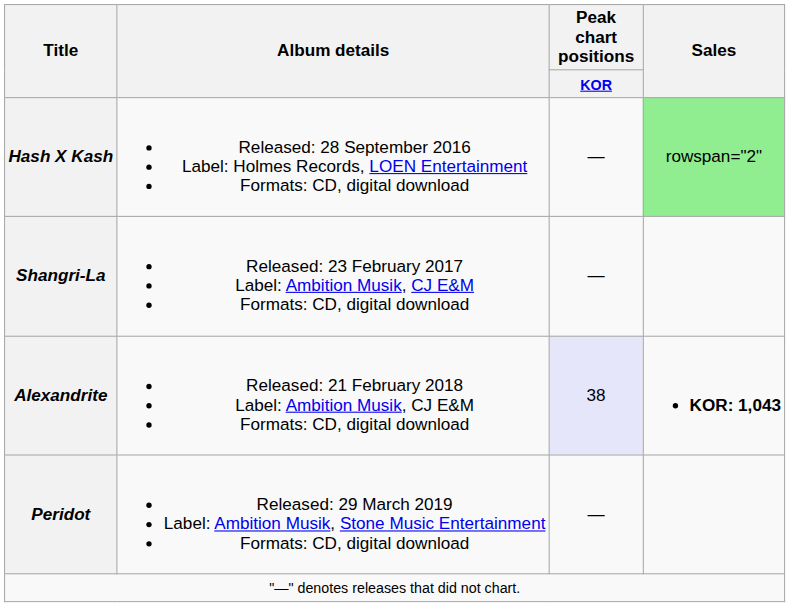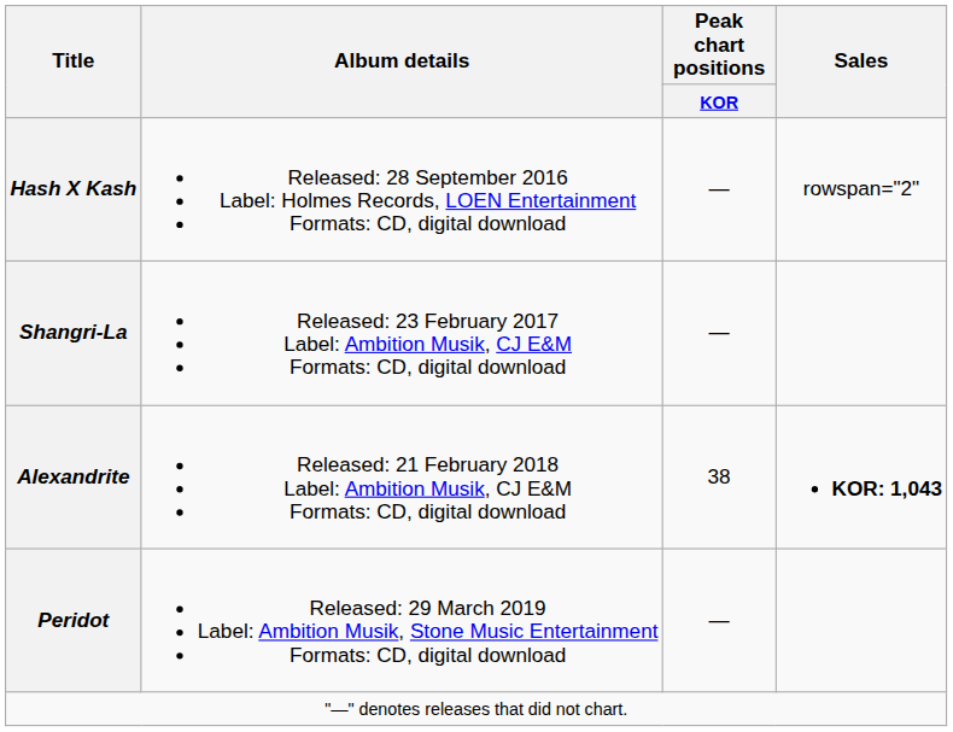 <table class="wikitable plainrowheaders" style="text-align:center;">
 <tr>
 <th scope="col" rowspan="2">Title</th>
 <th scope="col" rowspan="2">Album details</th>
 <th scope="col" colspan="1" style="width:5em;">Peak chart positions</th>
 <th scope="col" rowspan="2">Sales</th>
 </tr>
 <tr>
 <th><small><a href='#'>KOR</a></small><br></th>
 </tr>
 <tr>
 <th scope="row"><em>Hash X Kash</em></th>
 <td><br><ul><li>Released: 28 September 2016</li><li>Label: Holmes Records, <a href='#'>LOEN Entertainment</a></li><li>Formats: CD, digital download</li></ul></td>
 <td>—</td>
-<td style="background: lightgreen;">rowspan="2" </td>
+<td>rowspan="2" </td>
 </tr>
 <tr>
 <th scope="row"><em>Shangri-La</em></th>
 <td><br><ul><li>Released: 23 February 2017</li><li>Label: <a href='#'>Ambition Musik</a>, <a href='#'>CJ E&M</a></li><li>Formats: CD, digital download</li></ul></td>
 <td>—</td>
 </tr>
 <tr>
 <th scope="row"><em>Alexandrite</em></th>
 <td><br><ul><li>Released: 21 February 2018</li><li>Label: <a href='#'>Ambition Musik</a>, CJ E&M</li><li>Formats: CD, digital download</li></ul></td>
-<td style="background: lavender;">38</td>
+<td>38</td>
 <td><strong><br><ul><li>KOR: 1,043</li></ul></strong></td>
 </tr>
 <tr>
 <th scope="row"><em>Peridot</em></th>
 <td><br><ul><li>Released: 29 March 2019</li><li>Label: <a href='#'>Ambition Musik</a>, <a href='#'>Stone Music Entertainment</a></li><li>Formats: CD, digital download</li></ul></td>
 <td>—</td>
 <td></td>
 </tr>
 <tr>
 <td colspan="4" align="center"><small>"—" denotes releases that did not chart.</small></td>
 </tr>
 </table>
